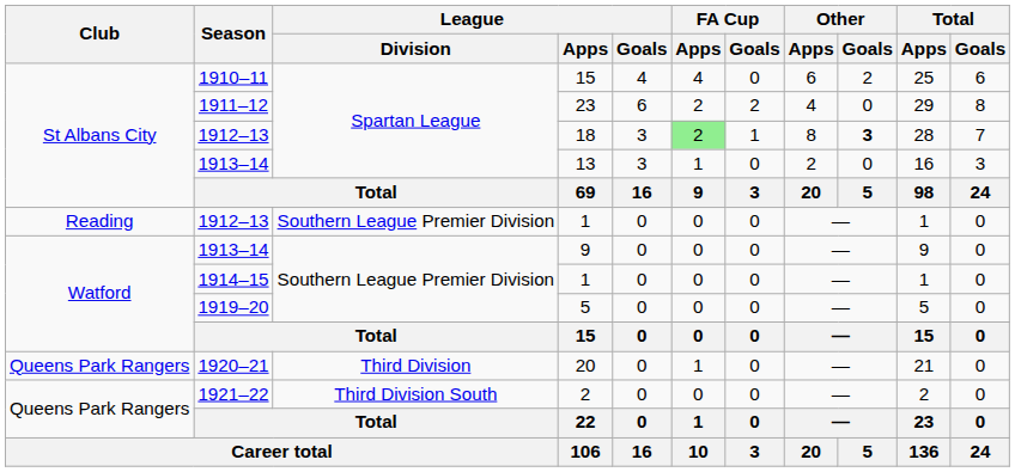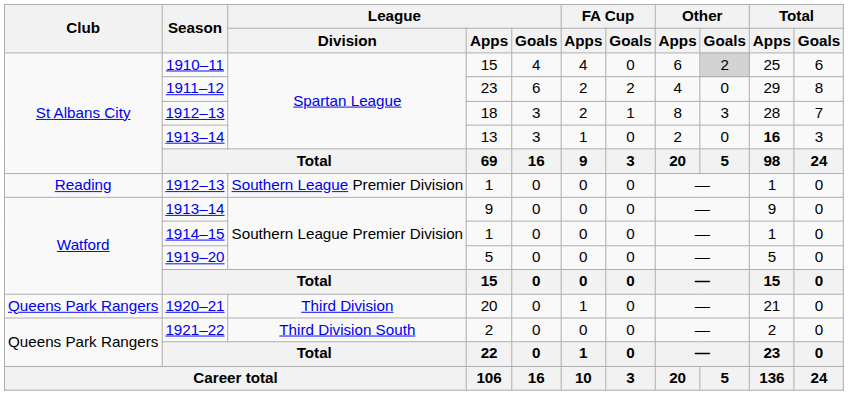 <table class="wikitable" style="text-align: center;">
 <tr>
 <th rowspan="2">Club</th>
 <th rowspan="2">Season</th>
 <th colspan="3">League</th>
 <th colspan="2">FA Cup</th>
 <th colspan="2">Other</th>
 <th colspan="2">Total</th>
 </tr>
 <tr>
 <th>Division</th>
 <th>Apps</th>
 <th>Goals</th>
 <th>Apps</th>
 <th>Goals</th>
 <th>Apps</th>
 <th>Goals</th>
 <th>Apps</th>
 <th>Goals</th>
 </tr>
 <tr>
 <td rowspan="5"><a href='#'>St Albans City</a></td>
 <td><a href='#'>1910–11</a></td>
 <td rowspan="4"><a href='#'>Spartan League</a></td>
 <td>15</td>
 <td>4</td>
 <td>4</td>
 <td>0</td>
 <td>6</td>
-<td>2</td>
+<td style="background: lightgrey;">2</td>
 <td>25</td>
 <td>6</td>
 </tr>
 <tr>
 <td><a href='#'>1911–12</a></td>
 <td>23</td>
 <td>6</td>
 <td>2</td>
 <td>2</td>
 <td>4</td>
 <td>0</td>
 <td>29</td>
 <td>8</td>
 </tr>
 <tr>
 <td><a href='#'>1912–13</a></td>
 <td>18</td>
 <td>3</td>
-<td style="background: lightgreen;">2</td>
+<td>2</td>
 <td>1</td>
 <td>8</td>
-<td><strong>3</strong></td>
+<td>3</td>
 <td>28</td>
 <td>7</td>
 </tr>
 <tr>
 <td><a href='#'>1913–14</a></td>
 <td>13</td>
 <td>3</td>
 <td>1</td>
 <td>0</td>
 <td>2</td>
 <td>0</td>
-<td>16</td>
+<td><strong>16</strong></td>
 <td>3</td>
 </tr>
 <tr>
 <th colspan="2">Total</th>
 <th>69</th>
 <th>16</th>
 <th>9</th>
 <th>3</th>
 <th>20</th>
 <th>5</th>
 <th>98</th>
 <th>24</th>
 </tr>
 <tr>
 <td><a href='#'>Reading</a></td>
 <td><a href='#'>1912–13</a></td>
 <td><a href='#'>Southern League</a> Premier Division</td>
 <td>1</td>
 <td>0</td>
 <td>0</td>
 <td>0</td>
 <td colspan="2">―</td>
 <td>1</td>
 <td>0</td>
 </tr>
 <tr>
 <td rowspan="4"><a href='#'>Watford</a></td>
 <td><a href='#'>1913–14</a></td>
 <td rowspan="3">Southern League Premier Division</td>
 <td>9</td>
 <td>0</td>
 <td>0</td>
 <td>0</td>
 <td colspan="2">―</td>
 <td>9</td>
 <td>0</td>
 </tr>
 <tr>
 <td><a href='#'>1914–15</a></td>
 <td>1</td>
 <td>0</td>
 <td>0</td>
 <td>0</td>
 <td colspan="2">―</td>
 <td>1</td>
 <td>0</td>
 </tr>
 <tr>
 <td><a href='#'>1919–20</a></td>
 <td>5</td>
 <td>0</td>
 <td>0</td>
 <td>0</td>
 <td colspan="2">―</td>
 <td>5</td>
 <td>0</td>
 </tr>
 <tr>
 <th colspan="2">Total</th>
 <th>15</th>
 <th>0</th>
 <th>0</th>
 <th>0</th>
 <th colspan="2">―</th>
 <th>15</th>
 <th>0</th>
 </tr>
 <tr>
 <td><a href='#'>Queens Park Rangers</a></td>
 <td><a href='#'>1920–21</a></td>
 <td><a href='#'>Third Division</a></td>
 <td>20</td>
 <td>0</td>
 <td>1</td>
 <td>0</td>
 <td colspan="2">―</td>
 <td>21</td>
 <td>0</td>
 </tr>
 <tr>
 <td rowspan="2">Queens Park Rangers</td>
 <td><a href='#'>1921–22</a></td>
 <td><a href='#'>Third Division South</a></td>
 <td>2</td>
 <td>0</td>
 <td>0</td>
 <td>0</td>
 <td colspan="2">―</td>
 <td>2</td>
 <td>0</td>
 </tr>
 <tr>
 <th colspan="2">Total</th>
 <th>22</th>
 <th>0</th>
 <th>1</th>
 <th>0</th>
 <th colspan="2">―</th>
 <th>23</th>
 <th>0</th>
 </tr>
 <tr>
 <th colspan="3">Career total</th>
 <th>106</th>
 <th>16</th>
 <th>10</th>
 <th>3</th>
 <th>20</th>
 <th>5</th>
 <th>136</th>
 <th>24</th>
 </tr>
 </table>
